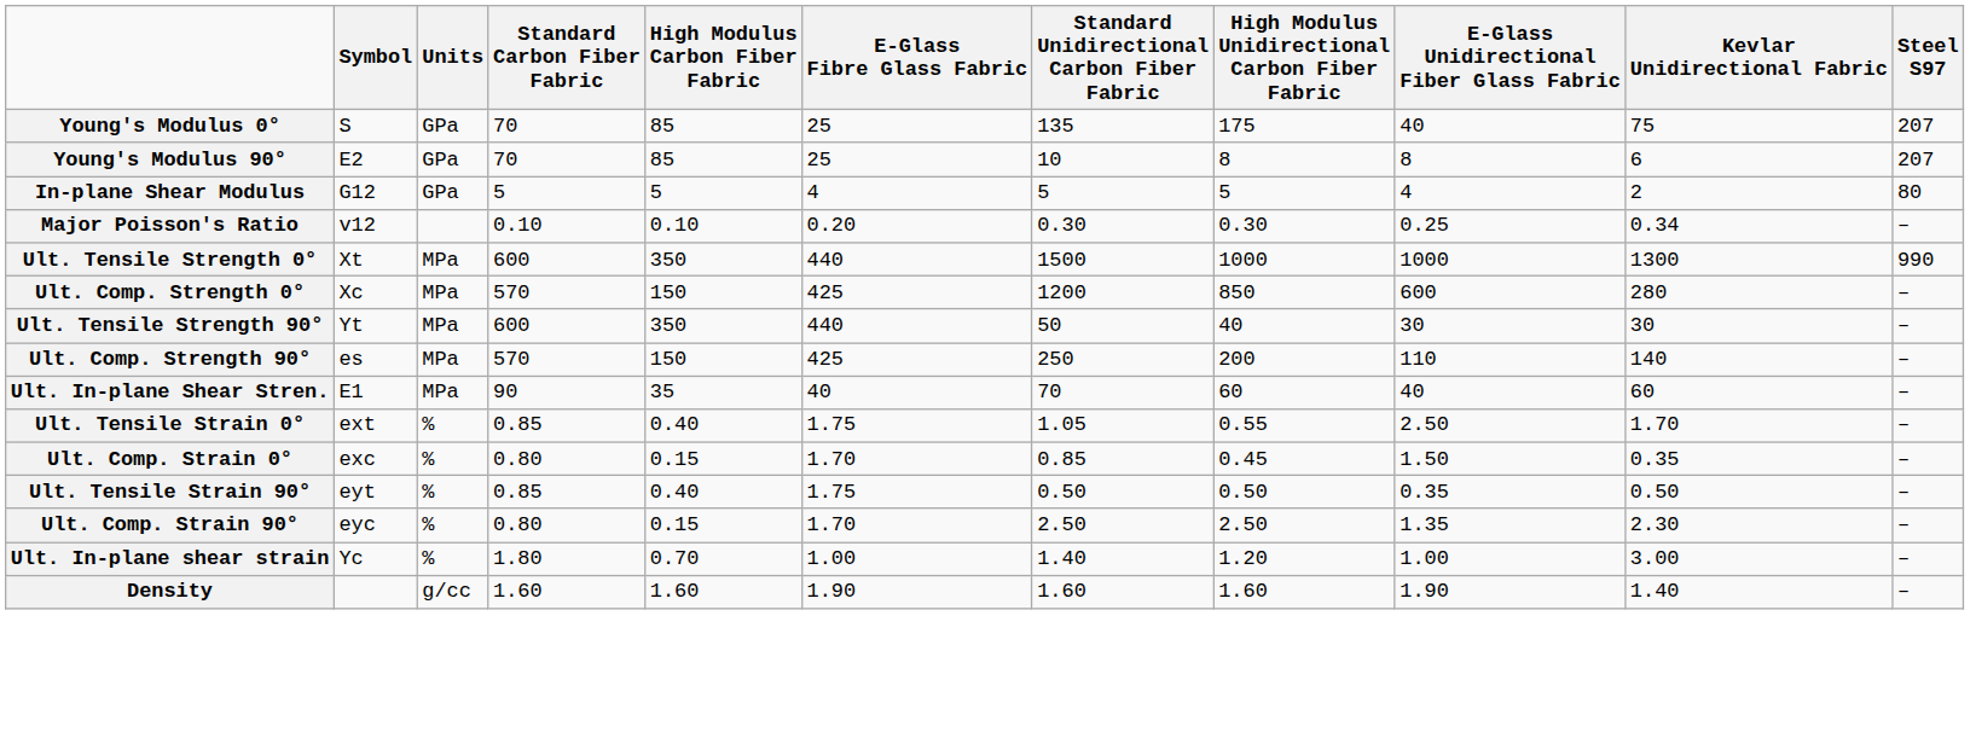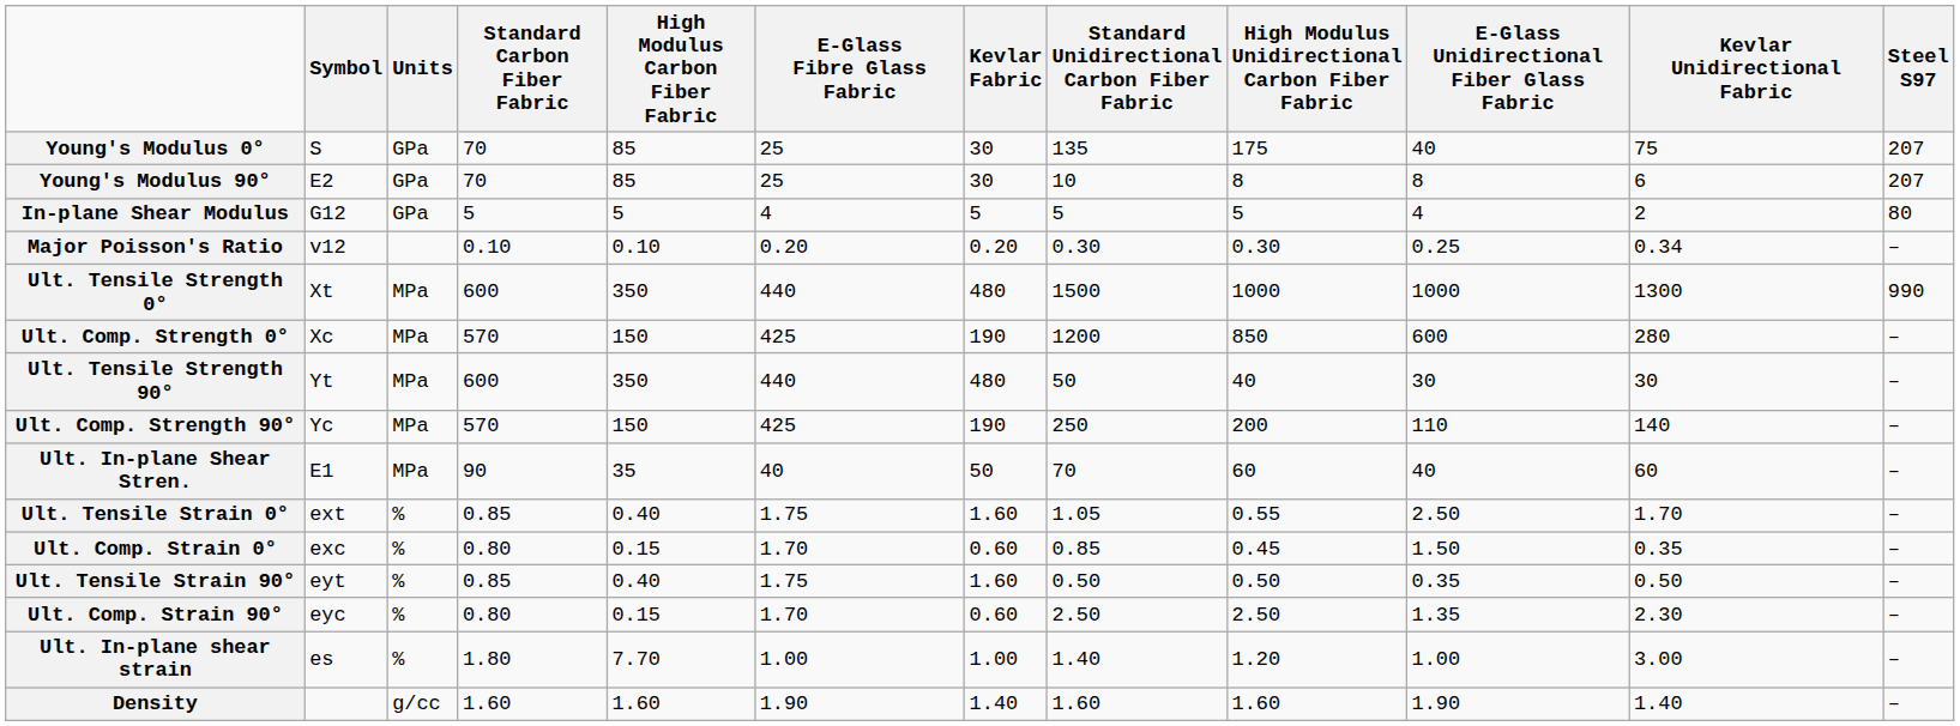 <table class="wikitable">
 <tr>
 <td></td>
 <th>Symbol</th>
 <th>Units</th>
 <th>Standard<br>Carbon Fiber<br>Fabric</th>
 <th>High Modulus<br>Carbon Fiber<br>Fabric</th>
 <th>E-Glass<br>Fibre Glass Fabric</th>
+<th>Kevlar<br>Fabric</th>
 <th>Standard<br>Unidirectional<br>Carbon Fiber<br>Fabric</th>
 <th>High Modulus<br>Unidirectional<br>Carbon Fiber<br>Fabric</th>
 <th>E-Glass<br>Unidirectional<br>Fiber Glass Fabric</th>
 <th>Kevlar<br>Unidirectional Fabric</th>
 <th>Steel<br>S97</th>
 </tr>
 <tr>
 <th>Young's Modulus 0°</th>
 <td>S</td>
 <td>GPa</td>
 <td>70</td>
 <td>85</td>
 <td>25</td>
+<td>30</td>
 <td>135</td>
 <td>175</td>
 <td>40</td>
 <td>75</td>
 <td>207</td>
 </tr>
 <tr>
 <th>Young's Modulus 90°</th>
 <td>E2</td>
 <td>GPa</td>
 <td>70</td>
 <td>85</td>
 <td>25</td>
+<td>30</td>
 <td>10</td>
 <td>8</td>
 <td>8</td>
 <td>6</td>
 <td>207</td>
 </tr>
 <tr>
 <th>In-plane Shear Modulus</th>
 <td>G12</td>
 <td>GPa</td>
 <td>5</td>
 <td>5</td>
 <td>4</td>
 <td>5</td>
 <td>5</td>
+<td>5</td>
 <td>4</td>
 <td>2</td>
 <td>80</td>
 </tr>
 <tr>
 <th>Major Poisson's Ratio</th>
 <td>v12</td>
 <td></td>
 <td>0.10</td>
 <td>0.10</td>
+<td>0.20</td>
 <td>0.20</td>
 <td>0.30</td>
 <td>0.30</td>
 <td>0.25</td>
 <td>0.34</td>
 <td>–</td>
 </tr>
 <tr>
 <th>Ult. Tensile Strength 0°</th>
 <td>Xt</td>
 <td>MPa</td>
 <td>600</td>
 <td>350</td>
 <td>440</td>
+<td>480</td>
 <td>1500</td>
 <td>1000</td>
 <td>1000</td>
 <td>1300</td>
 <td>990</td>
 </tr>
 <tr>
 <th>Ult. Comp. Strength 0°</th>
 <td>Xc</td>
 <td>MPa</td>
 <td>570</td>
 <td>150</td>
 <td>425</td>
+<td>190</td>
 <td>1200</td>
 <td>850</td>
 <td>600</td>
 <td>280</td>
 <td>–</td>
 </tr>
 <tr>
 <th>Ult. Tensile Strength 90°</th>
 <td>Yt</td>
 <td>MPa</td>
 <td>600</td>
 <td>350</td>
 <td>440</td>
+<td>480</td>
 <td>50</td>
 <td>40</td>
 <td>30</td>
 <td>30</td>
 <td>–</td>
 </tr>
 <tr>
 <th>Ult. Comp. Strength 90°</th>
-<td>es</td>
+<td>Yc</td>
 <td>MPa</td>
 <td>570</td>
 <td>150</td>
 <td>425</td>
+<td>190</td>
 <td>250</td>
 <td>200</td>
 <td>110</td>
 <td>140</td>
 <td>–</td>
 </tr>
 <tr>
 <th>Ult. In-plane Shear Stren.</th>
 <td>E1</td>
 <td>MPa</td>
 <td>90</td>
 <td>35</td>
 <td>40</td>
+<td>50</td>
 <td>70</td>
 <td>60</td>
 <td>40</td>
 <td>60</td>
 <td>–</td>
 </tr>
 <tr>
 <th>Ult. Tensile Strain 0°</th>
 <td>ext</td>
 <td>%</td>
 <td>0.85</td>
 <td>0.40</td>
 <td>1.75</td>
+<td>1.60</td>
 <td>1.05</td>
 <td>0.55</td>
 <td>2.50</td>
 <td>1.70</td>
 <td>–</td>
 </tr>
 <tr>
 <th>Ult. Comp. Strain 0°</th>
 <td>exc</td>
 <td>%</td>
 <td>0.80</td>
 <td>0.15</td>
 <td>1.70</td>
+<td>0.60</td>
 <td>0.85</td>
 <td>0.45</td>
 <td>1.50</td>
 <td>0.35</td>
 <td>–</td>
 </tr>
 <tr>
 <th>Ult. Tensile Strain 90°</th>
 <td>eyt</td>
 <td>%</td>
 <td>0.85</td>
 <td>0.40</td>
 <td>1.75</td>
+<td>1.60</td>
 <td>0.50</td>
 <td>0.50</td>
 <td>0.35</td>
 <td>0.50</td>
 <td>–</td>
 </tr>
 <tr>
 <th>Ult. Comp. Strain 90°</th>
 <td>eyc</td>
 <td>%</td>
 <td>0.80</td>
 <td>0.15</td>
 <td>1.70</td>
+<td>0.60</td>
 <td>2.50</td>
 <td>2.50</td>
 <td>1.35</td>
 <td>2.30</td>
 <td>–</td>
 </tr>
 <tr>
 <th>Ult. In-plane shear strain</th>
-<td>Yc</td>
+<td>es</td>
 <td>%</td>
 <td>1.80</td>
-<td>0.70</td>
+<td>7.70</td>
+<td>1.00</td>
 <td>1.00</td>
 <td>1.40</td>
 <td>1.20</td>
 <td>1.00</td>
 <td>3.00</td>
 <td>–</td>
 </tr>
 <tr>
 <th>Density</th>
 <td></td>
 <td>g/cc</td>
 <td>1.60</td>
 <td>1.60</td>
 <td>1.90</td>
+<td>1.40</td>
 <td>1.60</td>
 <td>1.60</td>
 <td>1.90</td>
 <td>1.40</td>
 <td>–</td>
 </tr>
 </table>
